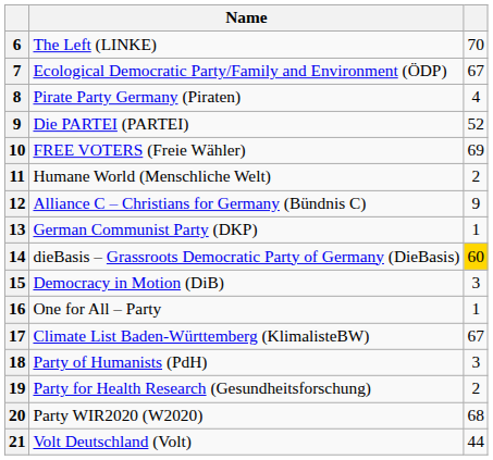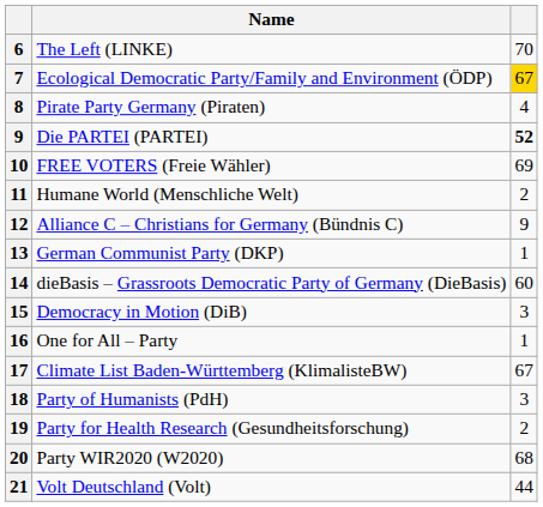 <table class="wikitable">
 <tr>
 <th></th>
 <th>Name</th>
 <th></th>
 </tr>
 <tr>
 <th>6</th>
 <td><a href='#'>The Left</a> (LINKE)</td>
 <td align=center>70</td>
 </tr>
 <tr>
 <th>7</th>
 <td><a href='#'>Ecological Democratic Party/Family and Environment</a> (ÖDP)</td>
-<td align=center>67</td>
+<td align=center style="background: gold;">67</td>
 </tr>
 <tr>
 <th>8</th>
 <td><a href='#'>Pirate Party Germany</a> (Piraten)</td>
 <td align=center>4</td>
 </tr>
 <tr>
 <th>9</th>
 <td><a href='#'>Die PARTEI</a> (PARTEI)</td>
-<td align=center>52</td>
+<td align=center><strong>52</strong></td>
 </tr>
 <tr>
 <th>10</th>
 <td><a href='#'>FREE VOTERS</a> (Freie Wähler)</td>
 <td align=center>69</td>
 </tr>
 <tr>
 <th>11</th>
 <td>Humane World (Menschliche Welt)</td>
 <td align=center>2</td>
 </tr>
 <tr>
 <th>12</th>
 <td><a href='#'>Alliance C – Christians for Germany</a> (Bündnis C)</td>
 <td align=center>9</td>
 </tr>
 <tr>
 <th>13</th>
 <td><a href='#'>German Communist Party</a> (DKP)</td>
 <td align=center>1</td>
 </tr>
 <tr>
 <th>14</th>
 <td>dieBasis – <a href='#'>Grassroots Democratic Party of Germany</a> (DieBasis)</td>
-<td align=center style="background: gold;">60</td>
+<td align=center>60</td>
 </tr>
 <tr>
 <th>15</th>
 <td><a href='#'>Democracy in Motion</a> (DiB)</td>
 <td align=center>3</td>
 </tr>
 <tr>
 <th>16</th>
 <td>One for All – Party</td>
 <td align=center>1</td>
 </tr>
 <tr>
 <th>17</th>
 <td><a href='#'>Climate List Baden-Württemberg</a> (KlimalisteBW)</td>
 <td align=center>67</td>
 </tr>
 <tr>
 <th>18</th>
 <td><a href='#'>Party of Humanists</a> (PdH)</td>
 <td align=center>3</td>
 </tr>
 <tr>
 <th>19</th>
 <td><a href='#'>Party for Health Research</a> (Gesundheitsforschung)</td>
 <td align=center>2</td>
 </tr>
 <tr>
 <th>20</th>
 <td>Party WIR2020 (W2020)</td>
 <td align=center>68</td>
 </tr>
 <tr>
 <th>21</th>
 <td><a href='#'>Volt Deutschland</a> (Volt)</td>
 <td align=center>44</td>
 </tr>
 </table>
